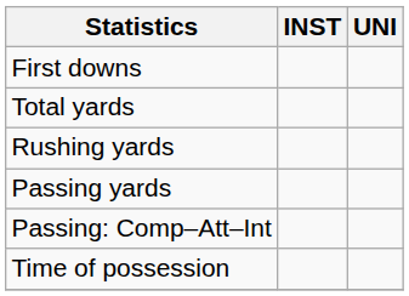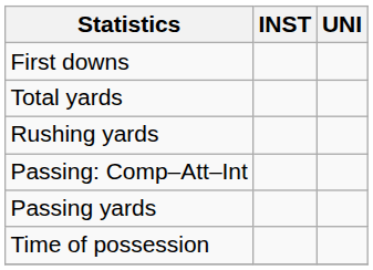 <table class="wikitable" style="float: left;">
 <tr>
 <th>Statistics</th>
 <th>INST</th>
 <th>UNI</th>
 </tr>
 <tr>
 <td>First downs</td>
 <td></td>
 <td></td>
 </tr>
 <tr>
 <td>Total yards</td>
 <td></td>
 <td></td>
 </tr>
 <tr>
 <td>Rushing yards</td>
 <td></td>
 <td></td>
 </tr>
 <tr>
-<td>Passing yards</td>
+<td>Passing: Comp–Att–Int</td>
 <td></td>
 <td></td>
 </tr>
 <tr>
-<td>Passing: Comp–Att–Int</td>
+<td>Passing yards</td>
 <td></td>
 <td></td>
 </tr>
 <tr>
 <td>Time of possession</td>
 <td></td>
 <td></td>
 </tr>
 <tr>
 </tr>
 </table>
